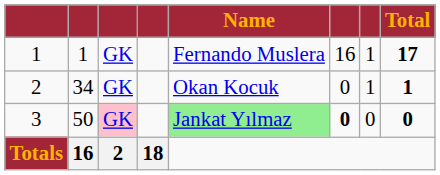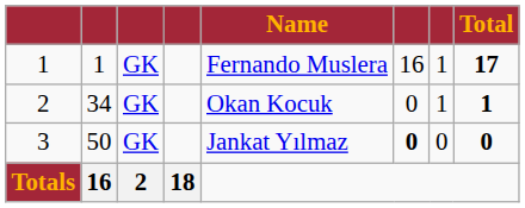 <table class="wikitable" style="text-align:center">
 <tr>
 <th style="background:#A32638; color:#FFB300; "></th>
 <th style="background:#A32638; color:#FFB300; "></th>
 <th style="background:#A32638; color:#FFB300; "></th>
 <th style="background:#A32638; color:#FFB300; "></th>
 <th style="background:#A32638; color:#FFB300; ">Name</th>
 <th style="background:#A32638; color:#FFB300; "></th>
 <th style="background:#A32638; color:#FFB300; "></th>
 <th style="background:#A32638; color:#FFB300; ">Total</th>
 </tr>
 <tr>
 <td>1</td>
 <td>1</td>
 <td><a href='#'>GK</a></td>
 <td></td>
 <td align=left><a href='#'>Fernando Muslera</a></td>
 <td>16</td>
 <td>1</td>
 <td><strong>17</strong></td>
 </tr>
 <tr>
 <td>2</td>
 <td>34</td>
 <td><a href='#'>GK</a></td>
 <td></td>
 <td align=left><a href='#'>Okan Kocuk</a></td>
 <td>0</td>
 <td>1</td>
 <td><strong>1</strong></td>
 </tr>
 <tr>
 <td>3</td>
 <td>50</td>
-<td style="background: pink;"><a href='#'>GK</a></td>
+<td><a href='#'>GK</a></td>
 <td></td>
-<td align=left style="background: lightgreen;"><a href='#'>Jankat Yılmaz</a></td>
+<td align=left><a href='#'>Jankat Yılmaz</a></td>
 <td><strong>0</strong></td>
 <td>0</td>
 <td><strong>0</strong></td>
 </tr>
 <tr>
 <td style="background:#A32638; color:#FFB300; "><strong>Totals</strong></td>
 <th><strong>16</strong></th>
 <th><strong>2</strong></th>
 <th><strong>18</strong></th>
 </tr>
 </table>
